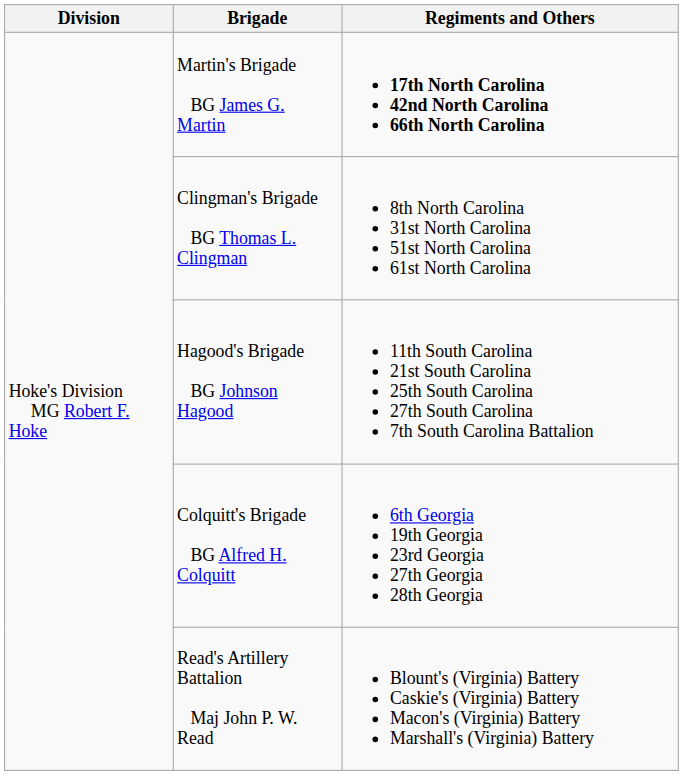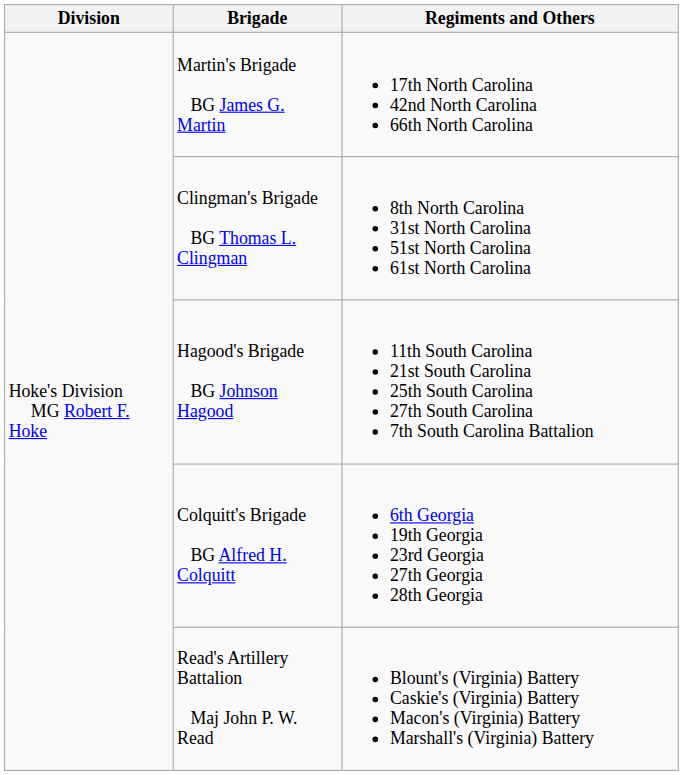 <table class="wikitable">
 <tr>
 <th width=25%>Division</th>
 <th width=25%>Brigade</th>
 <th>Regiments and Others</th>
 </tr>
 <tr>
 <td rowspan=5><br>Hoke's Division <br>     MG <a href='#'>Robert F. Hoke</a></td>
 <td>Martin's Brigade<br><br>   BG <a href='#'>James G. Martin</a></td>
-<td><strong><br><ul><li>17th North Carolina</li><li>42nd North Carolina</li><li>66th North Carolina</li></ul></strong></td>
+<td><br><ul><li>17th North Carolina</li><li>42nd North Carolina</li><li>66th North Carolina</li></ul></td>
 </tr>
 <tr>
 <td>Clingman's Brigade<br><br>   BG <a href='#'>Thomas L. Clingman</a></td>
 <td><br><ul><li>8th North Carolina</li><li>31st North Carolina</li><li>51st North Carolina</li><li>61st North Carolina</li></ul></td>
 </tr>
 <tr>
 <td>Hagood's Brigade<br><br>   BG <a href='#'>Johnson Hagood</a></td>
 <td><br><ul><li>11th South Carolina</li><li>21st South Carolina</li><li>25th South Carolina</li><li>27th South Carolina</li><li>7th South Carolina Battalion</li></ul></td>
 </tr>
 <tr>
 <td>Colquitt's Brigade<br><br>   BG <a href='#'>Alfred H. Colquitt</a></td>
 <td><br><ul><li><a href='#'>6th Georgia</a></li><li>19th Georgia</li><li>23rd Georgia</li><li>27th Georgia</li><li>28th Georgia</li></ul></td>
 </tr>
 <tr>
 <td>Read's Artillery Battalion<br><br>   Maj John P. W. Read</td>
 <td><br><ul><li>Blount's (Virginia) Battery</li><li>Caskie's (Virginia) Battery</li><li>Macon's (Virginia) Battery</li><li>Marshall's (Virginia) Battery</li></ul></td>
 </tr>
 </table>
